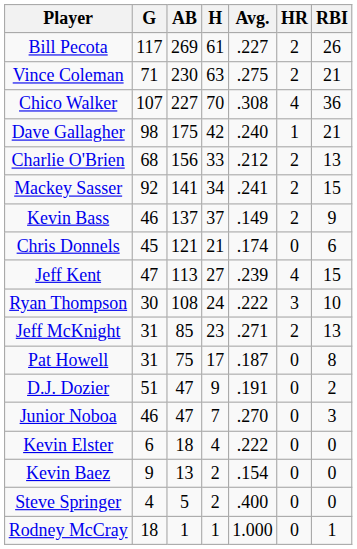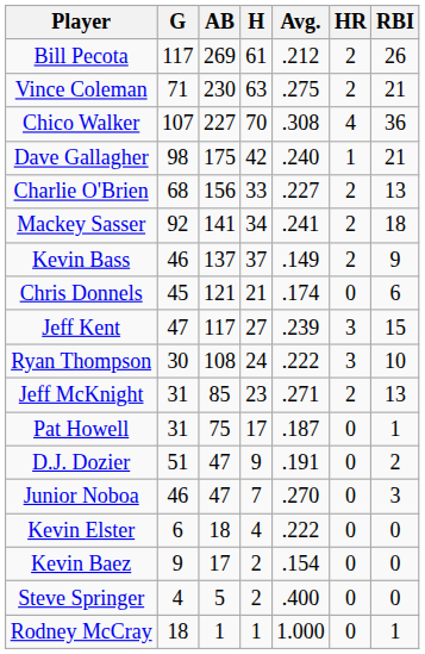 <table class="wikitable sortable">
 <tr>
 <th>Player</th>
 <th>G</th>
 <th>AB</th>
 <th>H</th>
 <th>Avg.</th>
 <th>HR</th>
 <th>RBI</th>
 </tr>
 <tr align="center">
 <td><a href='#'>Bill Pecota</a></td>
 <td>117</td>
 <td>269</td>
 <td>61</td>
-<td>.227</td>
+<td>.212</td>
 <td>2</td>
 <td>26</td>
 </tr>
 <tr align=center>
 <td><a href='#'>Vince Coleman</a></td>
 <td>71</td>
 <td>230</td>
 <td>63</td>
 <td>.275</td>
 <td>2</td>
 <td>21</td>
 </tr>
 <tr align=center>
 <td><a href='#'>Chico Walker</a></td>
 <td>107</td>
 <td>227</td>
 <td>70</td>
 <td>.308</td>
 <td>4</td>
 <td>36</td>
 </tr>
 <tr align=center>
 <td><a href='#'>Dave Gallagher</a></td>
 <td>98</td>
 <td>175</td>
 <td>42</td>
 <td>.240</td>
 <td>1</td>
 <td>21</td>
 </tr>
 <tr align=center>
 <td><a href='#'>Charlie O'Brien</a></td>
 <td>68</td>
 <td>156</td>
 <td>33</td>
-<td>.212</td>
+<td>.227</td>
 <td>2</td>
 <td>13</td>
 </tr>
 <tr align=center>
 <td><a href='#'>Mackey Sasser</a></td>
 <td>92</td>
 <td>141</td>
 <td>34</td>
 <td>.241</td>
 <td>2</td>
-<td>15</td>
+<td>18</td>
 </tr>
 <tr align=center>
 <td><a href='#'>Kevin Bass</a></td>
 <td>46</td>
 <td>137</td>
 <td>37</td>
 <td>.149</td>
 <td>2</td>
 <td>9</td>
 </tr>
 <tr align=center>
 <td><a href='#'>Chris Donnels</a></td>
 <td>45</td>
 <td>121</td>
 <td>21</td>
 <td>.174</td>
 <td>0</td>
 <td>6</td>
 </tr>
 <tr align=center>
 <td><a href='#'>Jeff Kent</a></td>
 <td>47</td>
-<td>113</td>
+<td>117</td>
 <td>27</td>
 <td>.239</td>
-<td>4</td>
+<td>3</td>
 <td>15</td>
 </tr>
 <tr align=center>
 <td><a href='#'>Ryan Thompson</a></td>
 <td>30</td>
 <td>108</td>
 <td>24</td>
 <td>.222</td>
 <td>3</td>
 <td>10</td>
 </tr>
 <tr align=center>
 <td><a href='#'>Jeff McKnight</a></td>
 <td>31</td>
 <td>85</td>
 <td>23</td>
 <td>.271</td>
 <td>2</td>
 <td>13</td>
 </tr>
 <tr align=center>
 <td><a href='#'>Pat Howell</a></td>
 <td>31</td>
 <td>75</td>
 <td>17</td>
 <td>.187</td>
 <td>0</td>
-<td>8</td>
+<td>1</td>
 </tr>
 <tr align=center>
 <td><a href='#'>D.J. Dozier</a></td>
 <td>51</td>
 <td>47</td>
 <td>9</td>
 <td>.191</td>
 <td>0</td>
 <td>2</td>
 </tr>
 <tr align=center>
 <td><a href='#'>Junior Noboa</a></td>
 <td>46</td>
 <td>47</td>
 <td>7</td>
 <td>.270</td>
 <td>0</td>
 <td>3</td>
 </tr>
 <tr align=center>
 <td><a href='#'>Kevin Elster</a></td>
 <td>6</td>
 <td>18</td>
 <td>4</td>
 <td>.222</td>
 <td>0</td>
 <td>0</td>
 </tr>
 <tr align=center>
 <td><a href='#'>Kevin Baez</a></td>
 <td>9</td>
-<td>13</td>
+<td>17</td>
 <td>2</td>
 <td>.154</td>
 <td>0</td>
 <td>0</td>
 </tr>
 <tr align=center>
 <td><a href='#'>Steve Springer</a></td>
 <td>4</td>
 <td>5</td>
 <td>2</td>
 <td>.400</td>
 <td>0</td>
 <td>0</td>
 </tr>
 <tr align=center>
 <td><a href='#'>Rodney McCray</a></td>
 <td>18</td>
 <td>1</td>
 <td>1</td>
 <td>1.000</td>
 <td>0</td>
 <td>1</td>
 </tr>
 </table>
